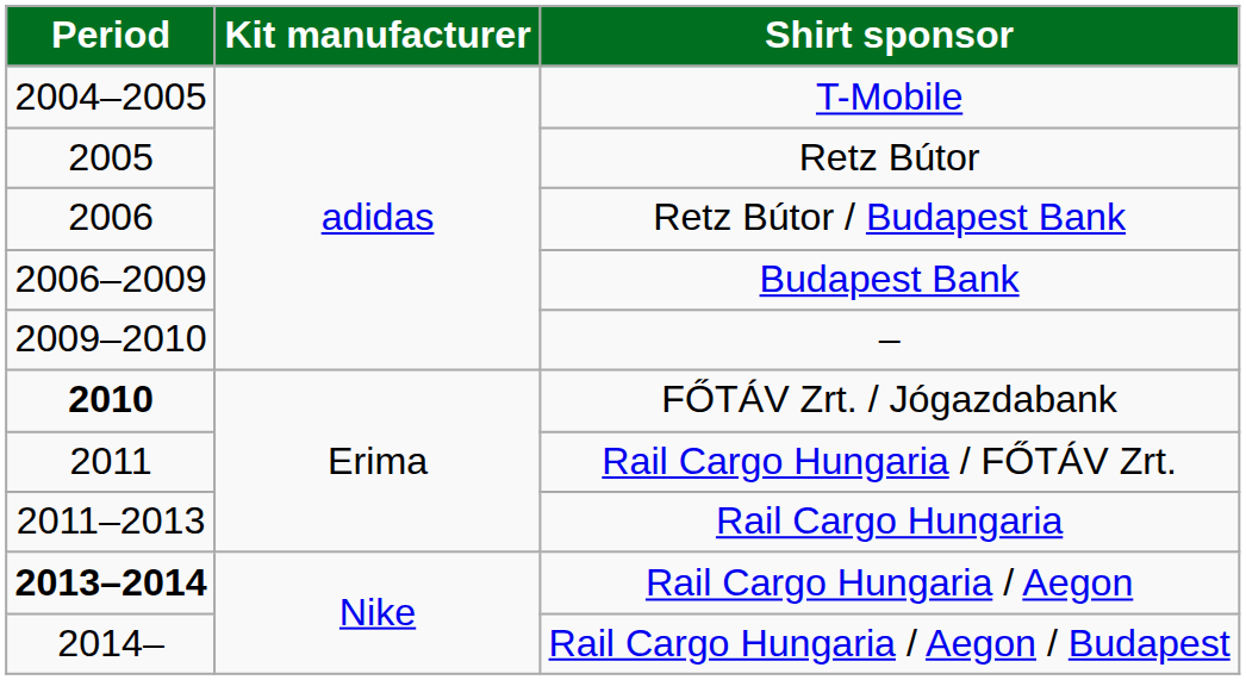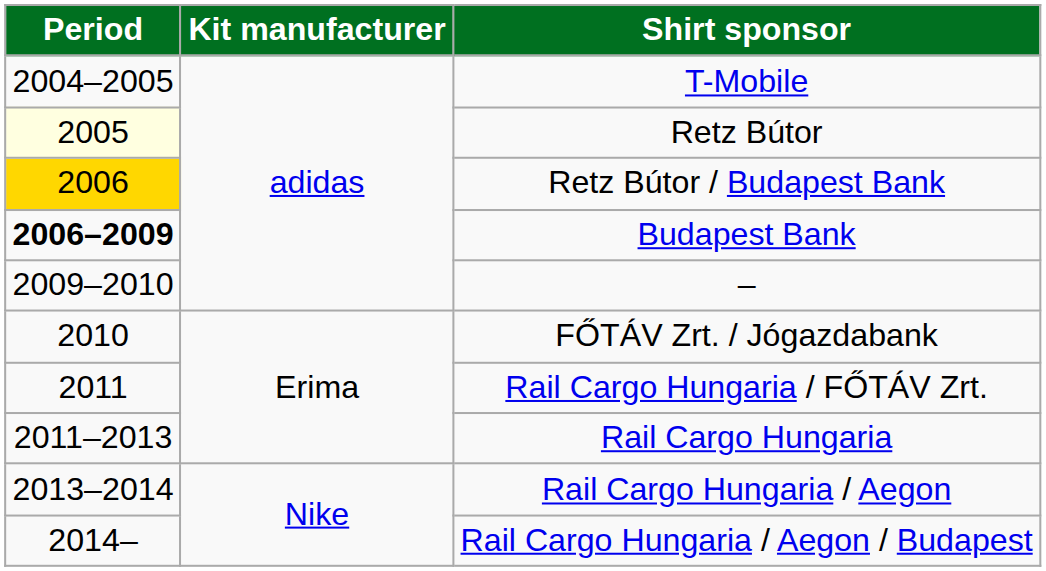 <table class="wikitable" style="text-align:center;margin-left:1em">
 <tr>
 <th style="color:#FFFFFF; background:#007020">Period</th>
 <th style="color:#FFFFFF; background:#007020">Kit manufacturer</th>
 <th style="color:#FFFFFF; background:#007020">Shirt sponsor</th>
 </tr>
 <tr>
 <td>2004–2005</td>
 <td rowspan=5><a href='#'>adidas</a></td>
 <td><a href='#'>T-Mobile</a></td>
 </tr>
 <tr>
-<td>2005</td>
+<td style="background: lightyellow;">2005</td>
 <td>Retz Bútor</td>
 </tr>
 <tr>
-<td>2006</td>
+<td style="background: gold;">2006</td>
 <td>Retz Bútor / <a href='#'>Budapest Bank</a></td>
 </tr>
 <tr>
-<td>2006–2009</td>
+<td><strong>2006–2009</strong></td>
 <td><a href='#'>Budapest Bank</a></td>
 </tr>
 <tr>
 <td>2009–2010</td>
 <td>–</td>
 </tr>
 <tr>
-<td><strong>2010</strong></td>
+<td>2010</td>
 <td rowspan=3>Erima</td>
 <td>FŐTÁV Zrt. / Jógazdabank</td>
 </tr>
 <tr>
 <td>2011</td>
 <td><a href='#'>Rail Cargo Hungaria</a> / FŐTÁV Zrt.</td>
 </tr>
 <tr>
 <td>2011–2013</td>
 <td><a href='#'>Rail Cargo Hungaria</a></td>
 </tr>
 <tr>
-<td><strong>2013–2014</strong></td>
+<td>2013–2014</td>
 <td rowspan=2><a href='#'>Nike</a></td>
 <td><a href='#'>Rail Cargo Hungaria</a> / <a href='#'>Aegon</a></td>
 </tr>
 <tr>
 <td>2014–</td>
 <td><a href='#'>Rail Cargo Hungaria</a> / <a href='#'>Aegon</a> / <a href='#'>Budapest</a></td>
 </tr>
 </table>
